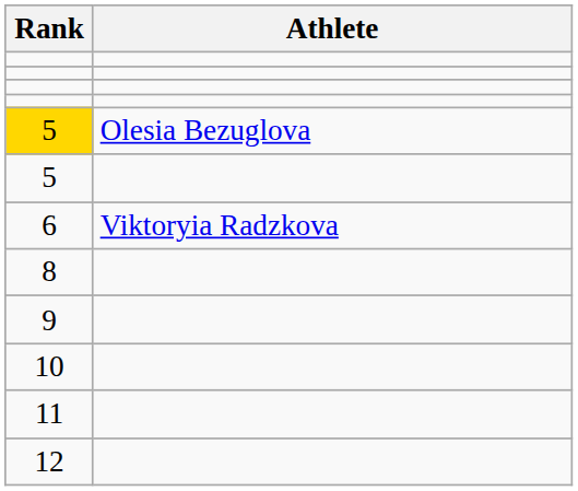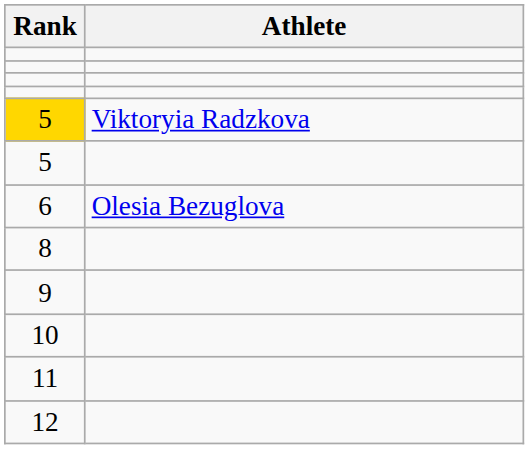 <table class="wikitable" style="text-align: center;">
 <tr>
 <th width=40>Rank</th>
 <th width=250>Athlete</th>
 </tr>
 <tr>
 <td></td>
 <td align="left"></td>
 </tr>
 <tr>
 <td></td>
 <td align="left"></td>
 </tr>
 <tr>
 <td></td>
 <td align="left"></td>
 </tr>
 <tr>
 <td></td>
 <td align="left"></td>
 </tr>
 <tr>
 <td style="background: gold;">5</td>
-<td align="left"> <a href='#'>Olesia Bezuglova</a> </td>
+<td align="left"> <a href='#'>Viktoryia Radzkova</a> </td>
 </tr>
 <tr>
 <td>5</td>
 <td align="left"></td>
 </tr>
 <tr>
 <td>6</td>
-<td align="left"> <a href='#'>Viktoryia Radzkova</a> </td>
+<td align="left"> <a href='#'>Olesia Bezuglova</a> </td>
 </tr>
 <tr>
 <td>8</td>
 <td align="left"></td>
 </tr>
 <tr>
 <td>9</td>
 <td align="left"></td>
 </tr>
 <tr>
 <td>10</td>
 <td align="left"></td>
 </tr>
 <tr>
 <td>11</td>
 <td align="left"></td>
 </tr>
 <tr>
 <td>12</td>
 <td align="left"></td>
 </tr>
 </table>
